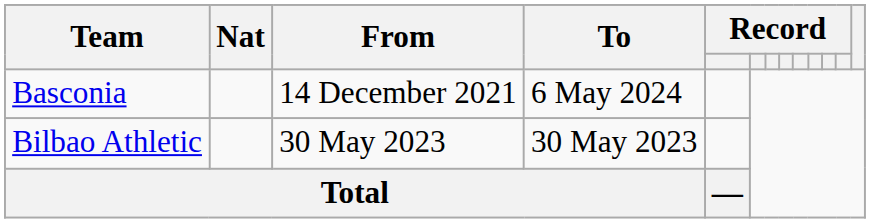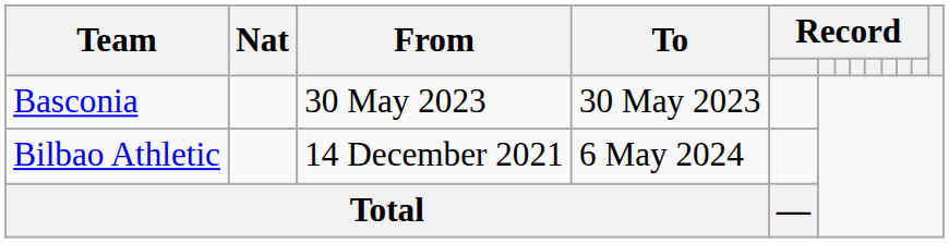 <table class="wikitable" style="text-align: center">
 <tr>
 <th rowspan="2">Team</th>
 <th rowspan="2">Nat</th>
 <th rowspan="2">From</th>
 <th rowspan="2">To</th>
 <th colspan="8">Record</th>
 <th rowspan=2></th>
 </tr>
 <tr>
 <th></th>
 <th></th>
 <th></th>
 <th></th>
 <th></th>
 <th></th>
 <th></th>
 <th></th>
 </tr>
 <tr>
 <td align=left><a href='#'>Basconia</a></td>
 <td></td>
-<td align=left>14 December 2021</td>
-<td align=left>6 May 2024<br></td>
+<td align=left>30 May 2023</td>
+<td align=left>30 May 2023<br></td>
 <td></td>
 </tr>
 <tr>
 <td align=left><a href='#'>Bilbao Athletic</a></td>
 <td></td>
-<td align=left>30 May 2023</td>
-<td align=left>30 May 2023<br></td>
+<td align=left>14 December 2021</td>
+<td align=left>6 May 2024<br></td>
 <td></td>
 </tr>
 <tr>
 <th colspan="4">Total<br></th>
 <th>—</th>
 </tr>
 </table>
